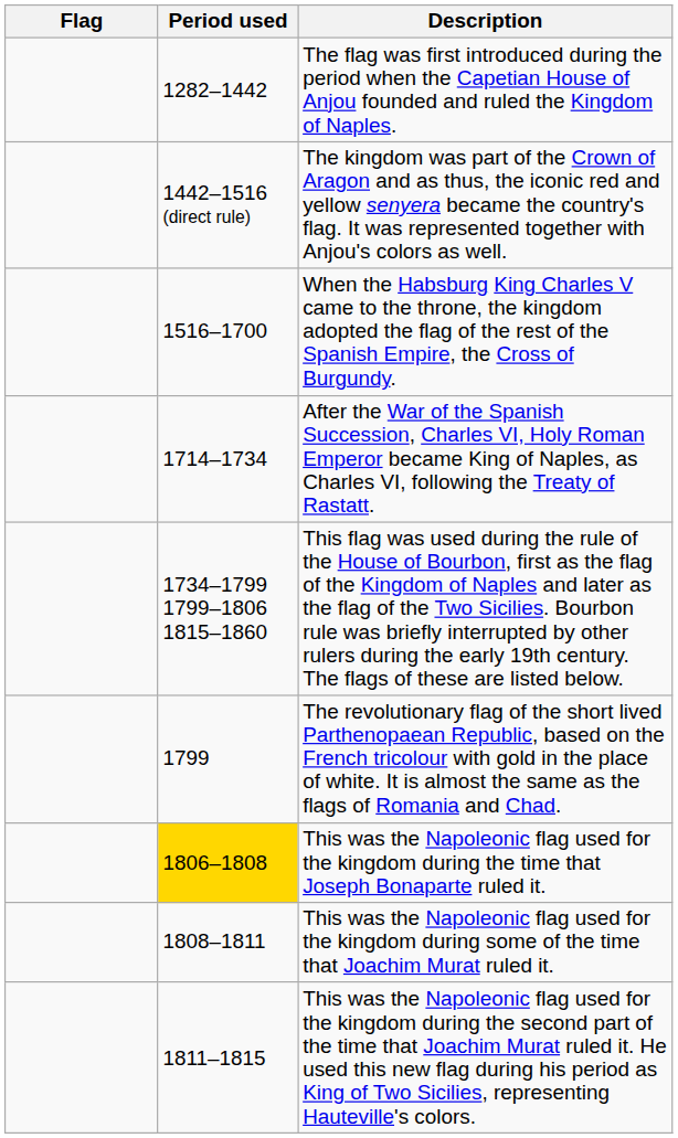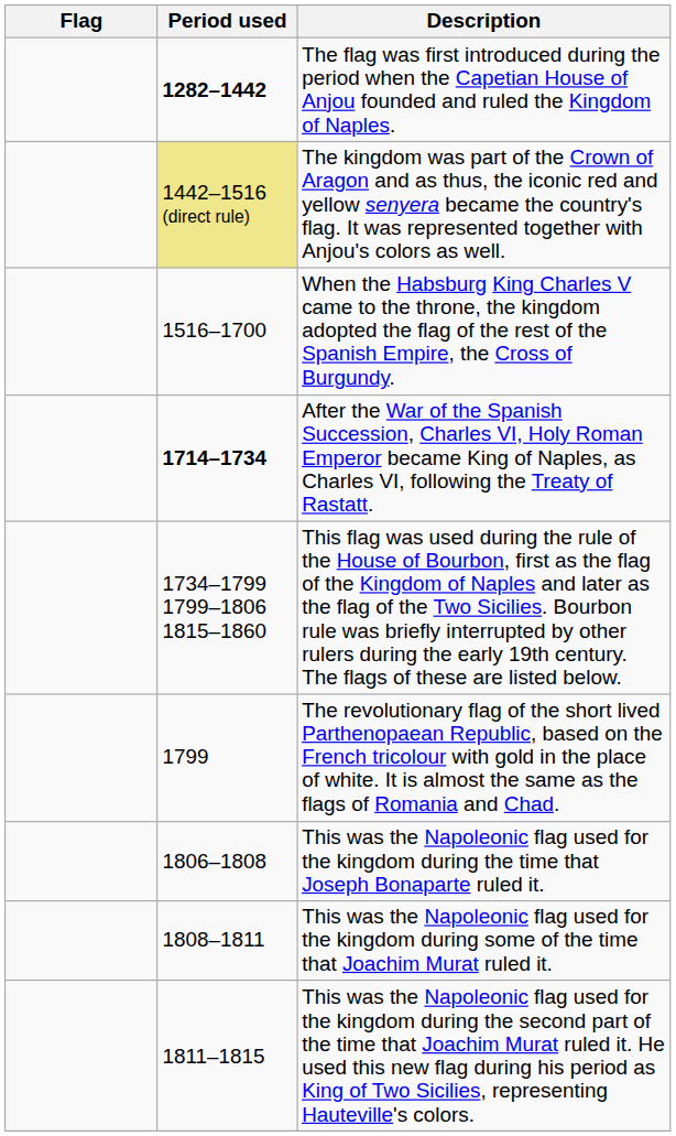 <table class="wikitable">
 <tr>
 <th width="110">Flag</th>
 <th width="100">Period used</th>
 <th width="280">Description</th>
 </tr>
 <tr>
 <td></td>
-<td>1282–1442</td>
+<td><strong>1282–1442</strong></td>
 <td>The flag was first introduced during the period when the <a href='#'>Capetian House of Anjou</a> founded and ruled the <a href='#'>Kingdom of Naples</a>.</td>
 </tr>
 <tr>
 <td></td>
-<td>1442–1516<br><small>(direct rule)</small></td>
+<td style="background: khaki;">1442–1516<br><small>(direct rule)</small></td>
 <td>The kingdom was part of the <a href='#'>Crown of Aragon</a> and as thus, the iconic red and yellow <em><a href='#'>senyera</a></em> became the country's flag. It was represented together with Anjou's colors as well.</td>
 </tr>
 <tr>
 <td></td>
 <td>1516–1700</td>
 <td>When the <a href='#'>Habsburg</a> <a href='#'>King Charles V</a> came to the throne, the kingdom adopted the flag of the rest of the <a href='#'>Spanish Empire</a>, the <a href='#'>Cross of Burgundy</a>.</td>
 </tr>
 <tr>
 <td></td>
-<td>1714–1734</td>
+<td><strong>1714–1734</strong></td>
 <td>After the <a href='#'>War of the Spanish Succession</a>, <a href='#'>Charles VI, Holy Roman Emperor</a> became King of Naples, as Charles VI, following the <a href='#'>Treaty of Rastatt</a>.</td>
 </tr>
 <tr>
 <td></td>
 <td>1734–1799<br>1799–1806<br>1815–1860</td>
 <td>This flag was used during the rule of the <a href='#'>House of Bourbon</a>, first as the flag of the <a href='#'>Kingdom of Naples</a> and later as the flag of the <a href='#'>Two Sicilies</a>. Bourbon rule was briefly interrupted by other rulers during the early 19th century. The flags of these are listed below.</td>
 </tr>
 <tr>
 <td></td>
 <td>1799</td>
 <td>The revolutionary flag of the short lived <a href='#'>Parthenopaean Republic</a>, based on the <a href='#'>French tricolour</a> with gold in the place of white. It is almost the same as the flags of <a href='#'>Romania</a> and <a href='#'>Chad</a>.</td>
 </tr>
 <tr>
 <td></td>
-<td style="background: gold;">1806–1808</td>
+<td>1806–1808</td>
 <td>This was the <a href='#'>Napoleonic</a> flag used for the kingdom during the time that <a href='#'>Joseph Bonaparte</a> ruled it.</td>
 </tr>
 <tr>
 <td></td>
 <td>1808–1811</td>
 <td>This was the <a href='#'>Napoleonic</a> flag used for the kingdom during some of the time that <a href='#'>Joachim Murat</a> ruled it.</td>
 </tr>
 <tr>
 <td></td>
 <td>1811–1815</td>
 <td>This was the <a href='#'>Napoleonic</a> flag used for the kingdom during the second part of the time that <a href='#'>Joachim Murat</a> ruled it. He used this new flag during his period as <a href='#'>King of Two Sicilies</a>, representing <a href='#'>Hauteville</a>'s colors.</td>
 </tr>
 <tr>
 </tr>
 </table>
